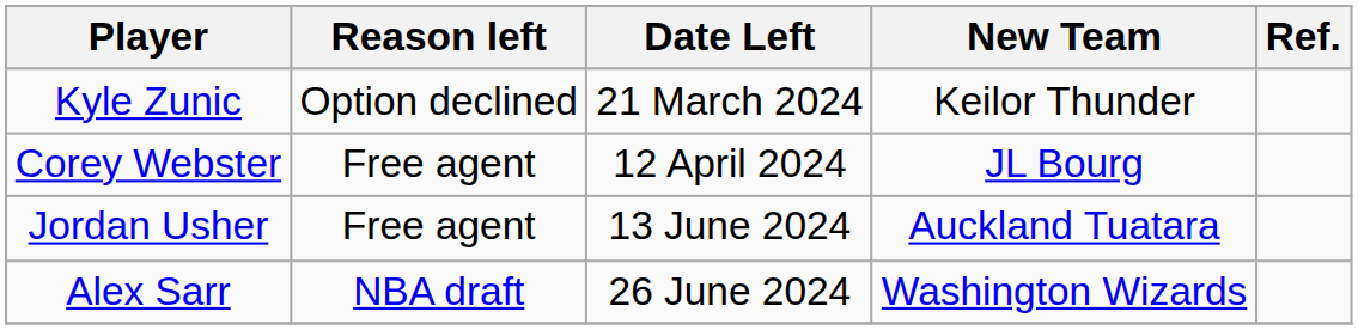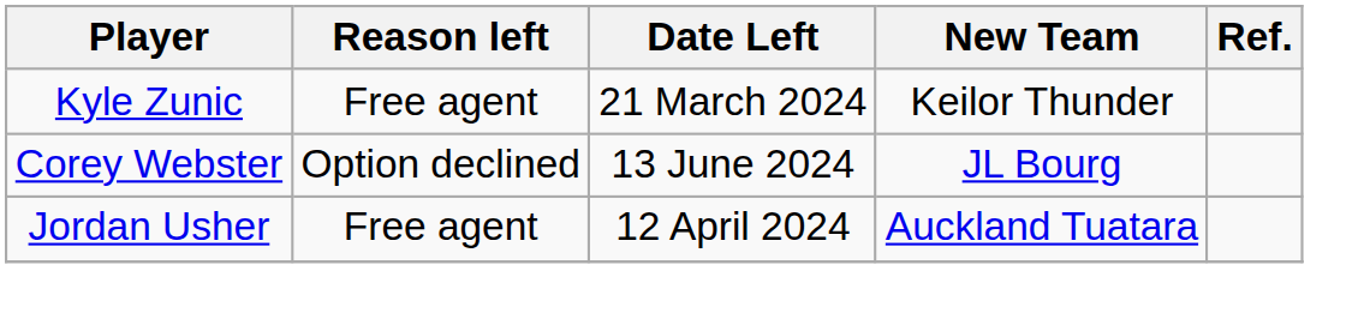 <table class="wikitable sortable sortable" style="text-align: center">
 <tr>
 <th>Player</th>
 <th>Reason left</th>
 <th>Date Left</th>
 <th>New Team</th>
 <th>Ref.</th>
 </tr>
 <tr>
 <td><a href='#'>Kyle Zunic</a></td>
-<td>Option declined</td>
+<td>Free agent</td>
 <td>21 March 2024</td>
 <td>Keilor Thunder</td>
 <td></td>
 </tr>
 <tr>
 <td><a href='#'>Corey Webster</a></td>
-<td>Free agent</td>
-<td>12 April 2024</td>
+<td>Option declined</td>
+<td>13 June 2024</td>
 <td><a href='#'>JL Bourg</a></td>
 <td></td>
 </tr>
 <tr>
 <td><a href='#'>Jordan Usher</a></td>
 <td>Free agent</td>
-<td>13 June 2024</td>
+<td>12 April 2024</td>
 <td><a href='#'>Auckland Tuatara</a></td>
-<td></td>
-</tr>
-<tr>
-<td><a href='#'>Alex Sarr</a></td>
-<td><a href='#'>NBA draft</a></td>
-<td>26 June 2024</td>
-<td><a href='#'>Washington Wizards</a></td>
 <td></td>
 </tr>
 <tr>
 </tr>
 </table>
